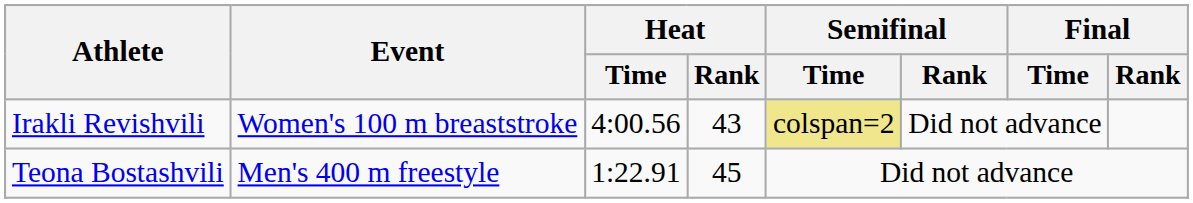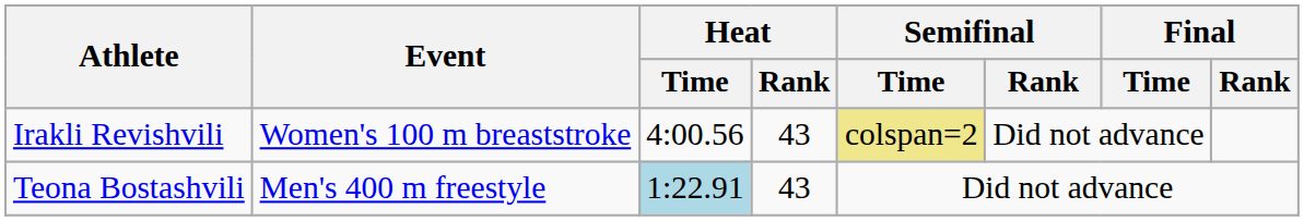 <table class=wikitable style="font-size:90%">
 <tr>
 <th rowspan="2">Athlete</th>
 <th rowspan="2">Event</th>
 <th colspan="2">Heat</th>
 <th colspan="2">Semifinal</th>
 <th colspan="2">Final</th>
 </tr>
 <tr style="font-size:95%">
 <th>Time</th>
 <th>Rank</th>
 <th>Time</th>
 <th>Rank</th>
 <th>Time</th>
 <th>Rank</th>
 </tr>
 <tr align=center>
 <td align=left><a href='#'>Irakli Revishvili</a></td>
 <td align=left><a href='#'>Women's 100 m breaststroke</a></td>
 <td>4:00.56</td>
 <td>43</td>
 <td style="background: khaki;">colspan=2 </td>
 <td colspan=2>Did not advance</td>
 </tr>
 <tr align=center>
 <td align=left><a href='#'>Teona Bostashvili</a></td>
 <td align=left><a href='#'>Men's 400 m freestyle</a></td>
-<td>1:22.91</td>
-<td>45</td>
+<td style="background: lightblue;">1:22.91</td>
+<td>43</td>
 <td colspan=4>Did not advance</td>
 </tr>
 </table>
